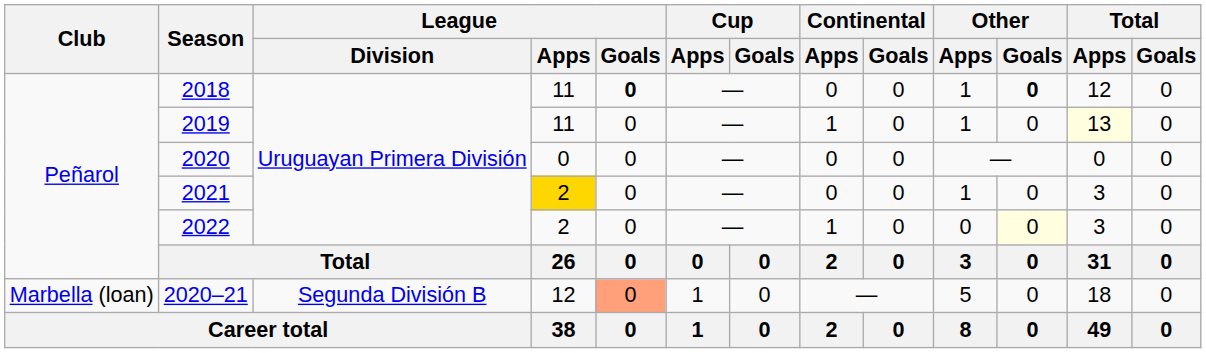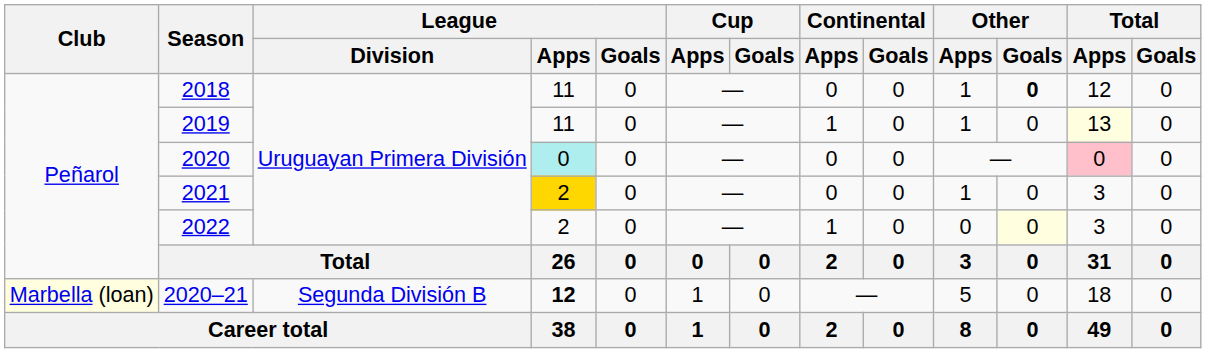 <table class="wikitable" Style="text-align: center">
 <tr>
 <th rowspan="2">Club</th>
 <th rowspan="2">Season</th>
 <th colspan="3">League</th>
 <th colspan="2">Cup</th>
 <th colspan="2">Continental</th>
 <th colspan="2">Other</th>
 <th colspan="2">Total</th>
 </tr>
 <tr>
 <th>Division</th>
 <th>Apps</th>
 <th>Goals</th>
 <th>Apps</th>
 <th>Goals</th>
 <th>Apps</th>
 <th>Goals</th>
 <th>Apps</th>
 <th>Goals</th>
 <th>Apps</th>
 <th>Goals</th>
 </tr>
 <tr>
 <td rowspan="6"><a href='#'>Peñarol</a></td>
 <td><a href='#'>2018</a></td>
 <td rowspan="5"><a href='#'>Uruguayan Primera División</a></td>
 <td>11</td>
-<td><strong>0</strong></td>
+<td>0</td>
 <td colspan="2">—</td>
 <td>0</td>
 <td>0</td>
 <td>1</td>
 <td><strong>0</strong></td>
 <td>12</td>
 <td>0</td>
 </tr>
 <tr>
 <td><a href='#'>2019</a></td>
 <td>11</td>
 <td>0</td>
 <td colspan="2">—</td>
 <td>1</td>
 <td>0</td>
 <td>1</td>
 <td>0</td>
 <td style="background: lightyellow;">13</td>
 <td>0</td>
 </tr>
 <tr>
 <td><a href='#'>2020</a></td>
-<td>0</td>
+<td style="background: paleturquoise;">0</td>
 <td>0</td>
 <td colspan="2">—</td>
 <td>0</td>
 <td>0</td>
 <td colspan="2">—</td>
-<td>0</td>
+<td style="background: pink;">0</td>
 <td>0</td>
 </tr>
 <tr>
 <td><a href='#'>2021</a></td>
 <td style="background: gold;">2</td>
 <td>0</td>
 <td colspan="2">—</td>
 <td>0</td>
 <td>0</td>
 <td>1</td>
 <td>0</td>
 <td>3</td>
 <td>0</td>
 </tr>
 <tr>
 <td><a href='#'>2022</a></td>
 <td>2</td>
 <td>0</td>
 <td colspan="2">—</td>
 <td>1</td>
 <td>0</td>
 <td>0</td>
 <td style="background: lightyellow;">0</td>
 <td>3</td>
 <td>0</td>
 </tr>
 <tr>
 <th colspan="2">Total</th>
 <th>26</th>
 <th>0</th>
 <th>0</th>
 <th>0</th>
 <th>2</th>
 <th>0</th>
 <th>3</th>
 <th>0</th>
 <th>31</th>
 <th>0</th>
 </tr>
 <tr>
-<td rowspan="1"><a href='#'>Marbella</a> (loan)</td>
+<td rowspan="1" style="background: lightyellow;"><a href='#'>Marbella</a> (loan)</td>
 <td><a href='#'>2020–21</a></td>
 <td rowspan="1"><a href='#'>Segunda División B</a></td>
-<td>12</td>
-<td style="background: lightsalmon;">0</td>
+<td><strong>12</strong></td>
+<td>0</td>
 <td>1</td>
 <td>0</td>
 <td colspan="2">—</td>
 <td>5</td>
 <td>0</td>
 <td>18</td>
 <td>0</td>
 </tr>
 <tr>
 <th colspan="3">Career total</th>
 <th>38</th>
 <th>0</th>
 <th>1</th>
 <th>0</th>
 <th>2</th>
 <th>0</th>
 <th>8</th>
 <th>0</th>
 <th>49</th>
 <th>0</th>
 </tr>
 </table>
